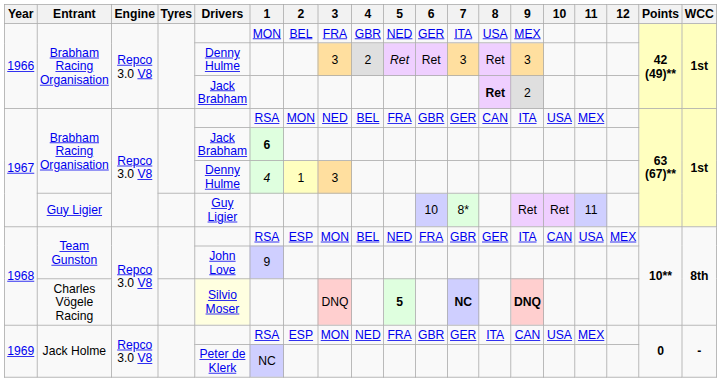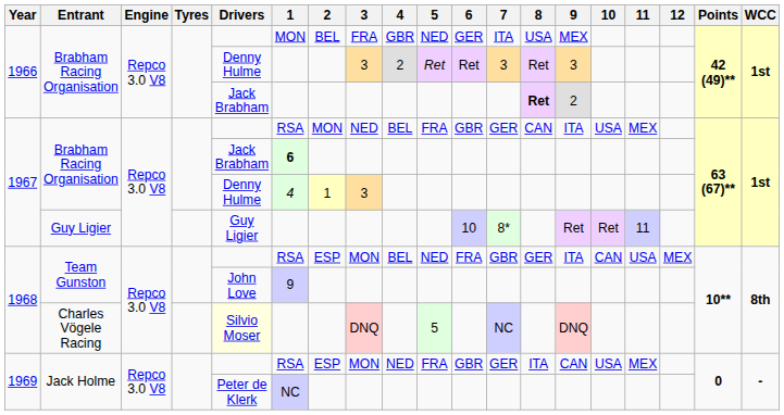 <table class="wikitable" style="text-align:center; font-size:95%">
 <tr>
 <th>Year</th>
 <th>Entrant</th>
 <th>Engine</th>
 <th>Tyres</th>
 <th>Drivers</th>
 <th>1</th>
 <th>2</th>
 <th>3</th>
 <th>4</th>
 <th>5</th>
 <th>6</th>
 <th>7</th>
 <th>8</th>
 <th>9</th>
 <th>10</th>
 <th>11</th>
 <th>12</th>
 <th>Points</th>
 <th>WCC</th>
 </tr>
 <tr>
 <td rowspan="3"><a href='#'>1966</a></td>
 <td rowspan="3"><a href='#'>Brabham Racing Organisation</a></td>
 <td rowspan="3"><a href='#'>Repco</a> 3.0 <a href='#'>V8</a></td>
 <td rowspan="3"></td>
 <td></td>
 <td><a href='#'>MON</a></td>
 <td><a href='#'>BEL</a></td>
 <td><a href='#'>FRA</a></td>
 <td><a href='#'>GBR</a></td>
 <td><a href='#'>NED</a></td>
 <td><a href='#'>GER</a></td>
 <td><a href='#'>ITA</a></td>
 <td><a href='#'>USA</a></td>
 <td><a href='#'>MEX</a></td>
 <td></td>
 <td></td>
 <td></td>
 <td rowspan="3" style="background:#FFFFBF;"><strong>42 (49)**</strong></td>
 <td rowspan="3" style="background:#FFFFBF;"><strong>1st</strong></td>
 </tr>
 <tr>
 <td><a href='#'>Denny Hulme</a></td>
 <td></td>
 <td></td>
 <td style="background:#FFDF9F;">3</td>
 <td style="background:#DFDFDF;">2</td>
 <td style="background:#EFCFFF;"><em>Ret</em></td>
 <td style="background:#EFCFFF;">Ret</td>
 <td style="background:#FFDF9F;">3</td>
 <td style="background:#EFCFFF;">Ret</td>
 <td style="background:#FFDF9F;">3</td>
 <td></td>
 <td></td>
 <td></td>
 </tr>
 <tr>
 <td><a href='#'>Jack Brabham</a></td>
 <td></td>
 <td></td>
 <td></td>
 <td></td>
 <td></td>
 <td></td>
 <td></td>
 <td style="background:#EFCFFF;"><strong>Ret</strong></td>
 <td style="background:#DFDFDF;">2</td>
 <td></td>
 <td></td>
 <td></td>
 </tr>
 <tr>
 <td rowspan="4"><a href='#'>1967</a></td>
 <td rowspan="3"><a href='#'>Brabham Racing Organisation</a></td>
 <td rowspan="4"><a href='#'>Repco</a> 3.0 <a href='#'>V8</a></td>
 <td rowspan="3"></td>
 <td></td>
 <td><a href='#'>RSA</a></td>
 <td><a href='#'>MON</a></td>
 <td><a href='#'>NED</a></td>
 <td><a href='#'>BEL</a></td>
 <td><a href='#'>FRA</a></td>
 <td><a href='#'>GBR</a></td>
 <td><a href='#'>GER</a></td>
 <td><a href='#'>CAN</a></td>
 <td><a href='#'>ITA</a></td>
 <td><a href='#'>USA</a></td>
 <td><a href='#'>MEX</a></td>
 <td></td>
 <td rowspan="4" style="background:#FFFFBF;"><strong>63 (67)**</strong></td>
 <td rowspan="4" style="background:#FFFFBF;"><strong>1st</strong></td>
 </tr>
 <tr>
 <td><a href='#'>Jack Brabham</a></td>
 <td style="background:#DFFFDF;"><strong>6</strong></td>
 <td></td>
 <td></td>
 <td></td>
 <td></td>
 <td></td>
 <td></td>
 <td></td>
 <td></td>
 <td></td>
 <td></td>
 <td></td>
 </tr>
 <tr>
 <td><a href='#'>Denny Hulme</a></td>
 <td style="background:#DFFFDF;"><em>4</em></td>
 <td style="background:#FFFFBF;">1</td>
 <td style="background:#FFDF9F;">3</td>
 <td></td>
 <td></td>
 <td></td>
 <td></td>
 <td></td>
 <td></td>
 <td></td>
 <td></td>
 <td></td>
 </tr>
 <tr>
 <td><a href='#'>Guy Ligier</a></td>
 <td></td>
 <td><a href='#'>Guy Ligier</a></td>
 <td></td>
 <td></td>
 <td></td>
 <td></td>
 <td></td>
 <td style="background:#CFCFFF;">10</td>
 <td style="background:#DFFFDF;">8*</td>
 <td></td>
 <td style="background:#EFCFFF;">Ret</td>
 <td style="background:#EFCFFF;">Ret</td>
 <td style="background:#CFCFFF;">11</td>
 <td></td>
 </tr>
 <tr>
 <td rowspan="3"><a href='#'>1968</a></td>
 <td rowspan="2"><a href='#'>Team Gunston</a></td>
 <td rowspan="3"><a href='#'>Repco</a> 3.0 <a href='#'>V8</a></td>
 <td rowspan="2"></td>
 <td></td>
 <td><a href='#'>RSA</a></td>
 <td><a href='#'>ESP</a></td>
 <td><a href='#'>MON</a></td>
 <td><a href='#'>BEL</a></td>
 <td><a href='#'>NED</a></td>
 <td><a href='#'>FRA</a></td>
 <td><a href='#'>GBR</a></td>
 <td><a href='#'>GER</a></td>
 <td><a href='#'>ITA</a></td>
 <td><a href='#'>CAN</a></td>
 <td><a href='#'>USA</a></td>
 <td><a href='#'>MEX</a></td>
 <td rowspan="3"><strong>10**</strong></td>
 <td rowspan="3"><strong>8th</strong></td>
 </tr>
 <tr>
 <td><a href='#'>John Love</a></td>
 <td style="background:#CFCFFF;">9</td>
 <td></td>
 <td></td>
 <td></td>
 <td></td>
 <td></td>
 <td></td>
 <td></td>
 <td></td>
 <td></td>
 <td></td>
 <td></td>
 </tr>
 <tr>
 <td>Charles Vögele Racing</td>
 <td></td>
 <td style="background: lightyellow;"><a href='#'>Silvio Moser</a></td>
 <td></td>
 <td></td>
 <td style="background:#FFCFCF;">DNQ</td>
 <td></td>
-<td style="background:#DFFFDF;"><strong>5</strong></td>
+<td style="background:#DFFFDF;">5</td>
 <td></td>
-<td style="background:#CFCFFF;"><strong>NC</strong></td>
+<td style="background:#CFCFFF;">NC</td>
 <td></td>
-<td style="background:#FFCFCF;"><strong>DNQ</strong></td>
+<td style="background:#FFCFCF;">DNQ</td>
 <td></td>
 <td></td>
 <td></td>
 </tr>
 <tr>
 <td rowspan="2"><a href='#'>1969</a></td>
 <td rowspan="2">Jack Holme</td>
 <td rowspan="2"><a href='#'>Repco</a> 3.0 <a href='#'>V8</a></td>
 <td rowspan="2"></td>
 <td></td>
 <td><a href='#'>RSA</a></td>
 <td><a href='#'>ESP</a></td>
 <td><a href='#'>MON</a></td>
 <td><a href='#'>NED</a></td>
 <td><a href='#'>FRA</a></td>
 <td><a href='#'>GBR</a></td>
 <td><a href='#'>GER</a></td>
 <td><a href='#'>ITA</a></td>
 <td><a href='#'>CAN</a></td>
 <td><a href='#'>USA</a></td>
 <td><a href='#'>MEX</a></td>
 <td></td>
 <td rowspan="2"><strong>0</strong></td>
 <td rowspan="2"><strong>-</strong></td>
 </tr>
 <tr>
 <td><a href='#'>Peter de Klerk</a></td>
 <td style="background:#CFCFFF;">NC</td>
 <td></td>
 <td></td>
 <td></td>
 <td></td>
 <td></td>
 <td></td>
 <td></td>
 <td></td>
 <td></td>
 <td></td>
 <td></td>
 </tr>
 </table>
